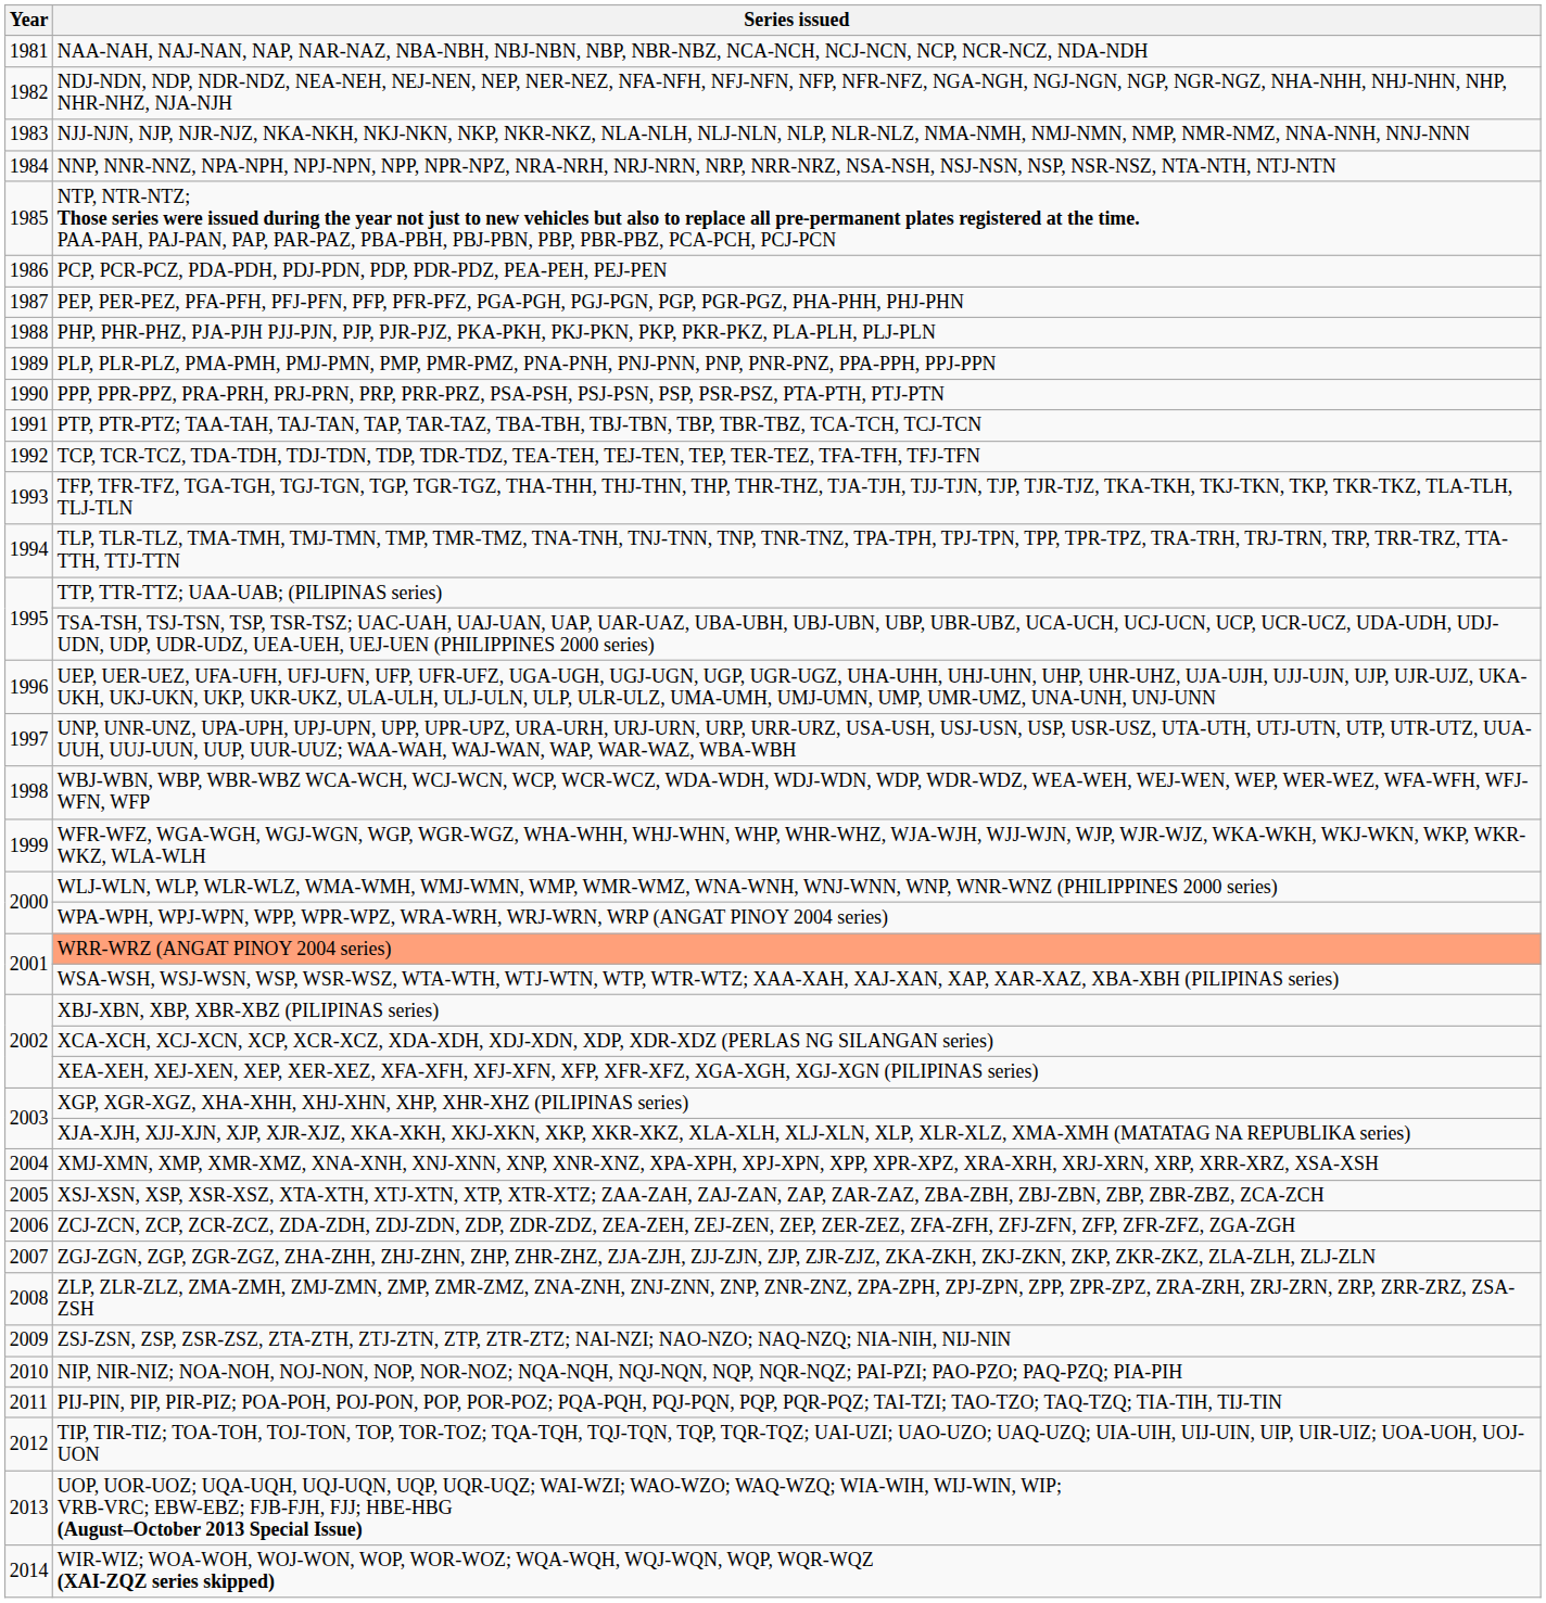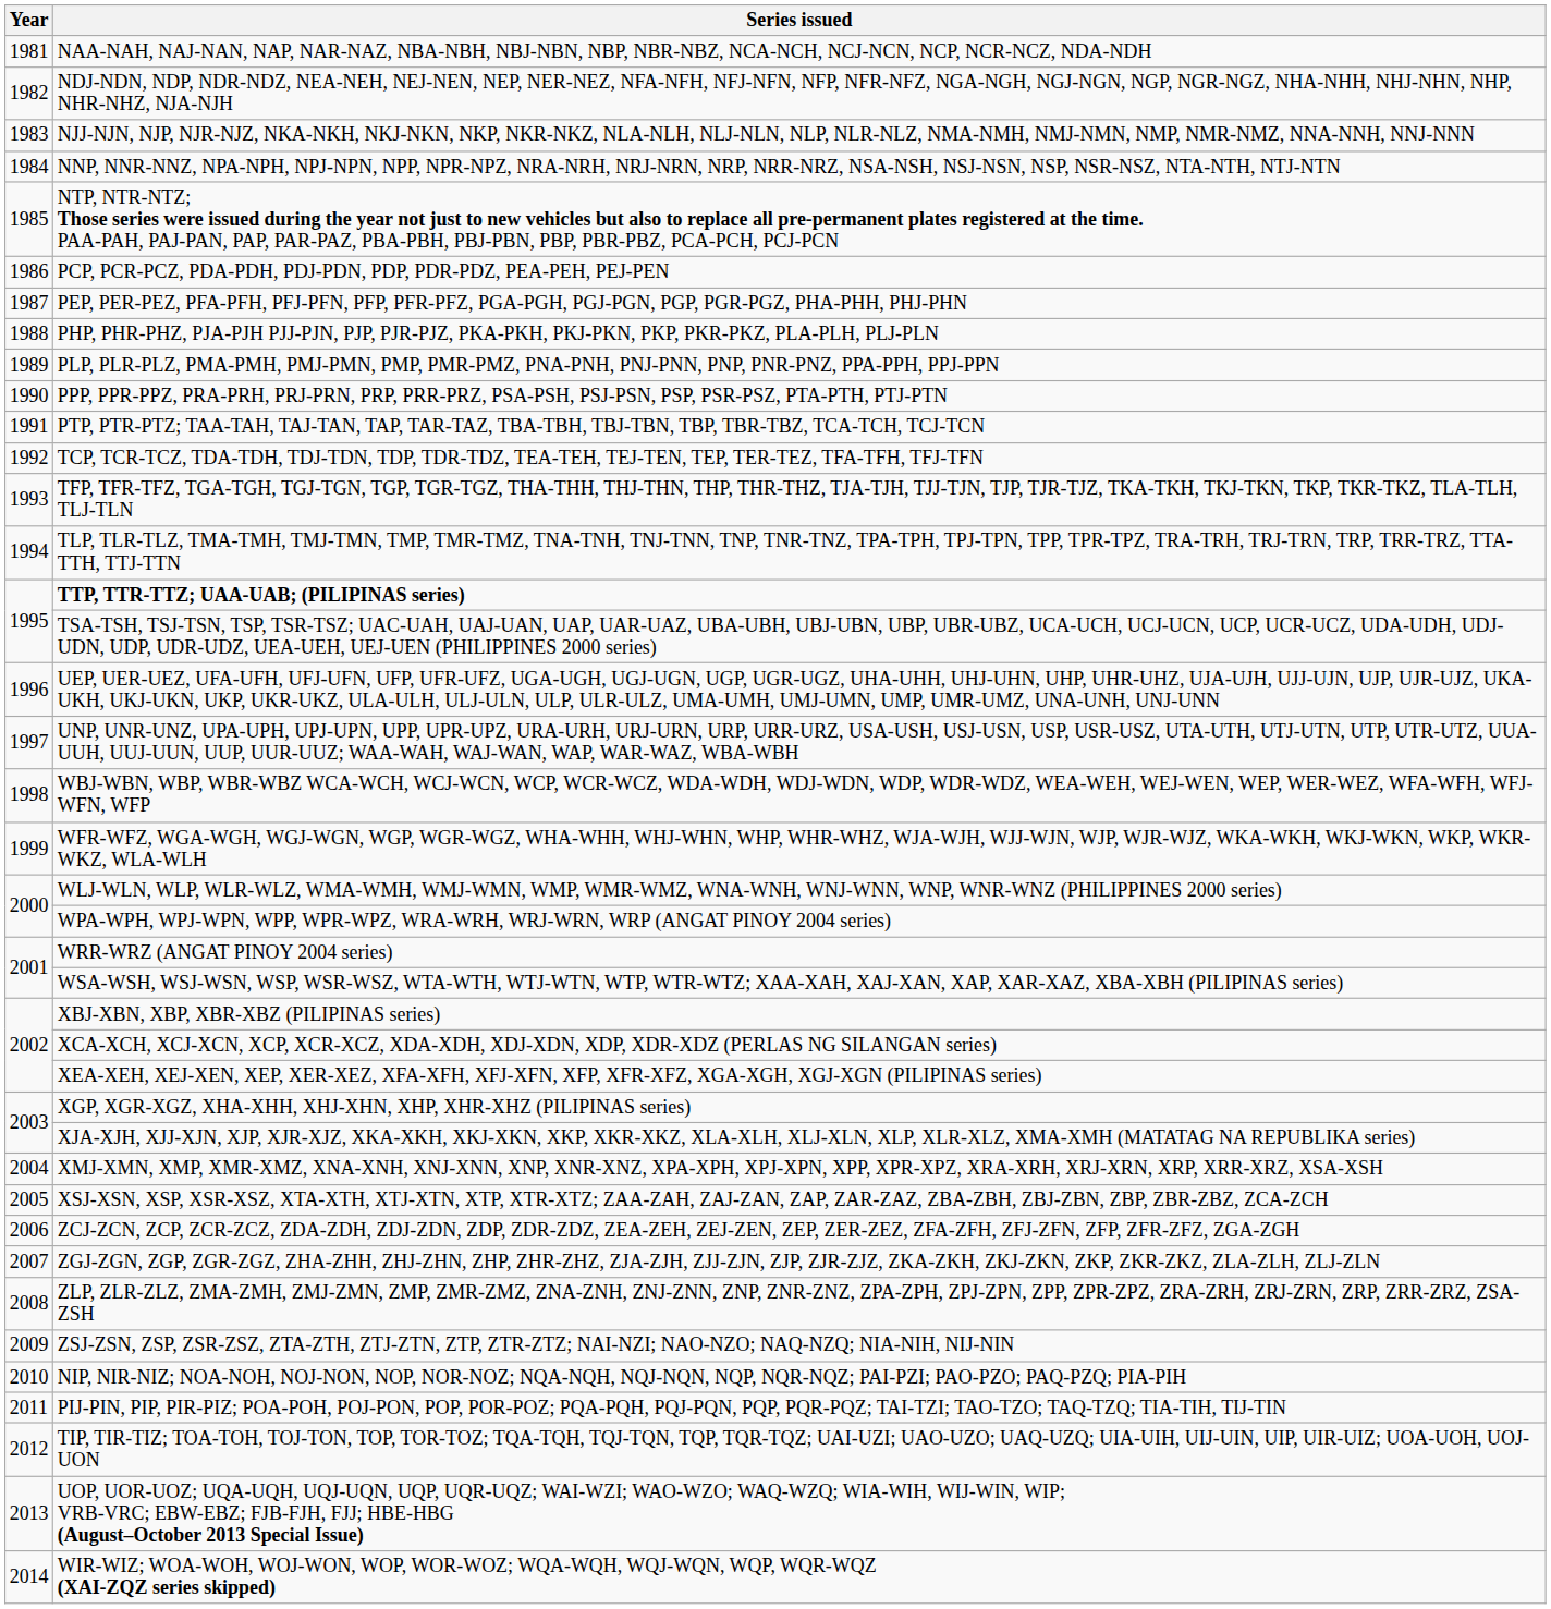 <table class="wikitable" style="width: 100%;">
 <tr>
 <th>Year</th>
 <th>Series issued</th>
 </tr>
 <tr>
 <td>1981</td>
 <td>NAA-NAH, NAJ-NAN, NAP, NAR-NAZ, NBA-NBH, NBJ-NBN, NBP, NBR-NBZ, NCA-NCH, NCJ-NCN, NCP, NCR-NCZ, NDA-NDH</td>
 </tr>
 <tr>
 <td>1982</td>
 <td>NDJ-NDN, NDP, NDR-NDZ, NEA-NEH, NEJ-NEN, NEP, NER-NEZ, NFA-NFH, NFJ-NFN, NFP, NFR-NFZ, NGA-NGH, NGJ-NGN, NGP, NGR-NGZ, NHA-NHH, NHJ-NHN, NHP, NHR-NHZ, NJA-NJH</td>
 </tr>
 <tr>
 <td>1983</td>
 <td>NJJ-NJN, NJP, NJR-NJZ, NKA-NKH, NKJ-NKN, NKP, NKR-NKZ, NLA-NLH, NLJ-NLN, NLP, NLR-NLZ, NMA-NMH, NMJ-NMN, NMP, NMR-NMZ, NNA-NNH, NNJ-NNN</td>
 </tr>
 <tr>
 <td>1984</td>
 <td>NNP, NNR-NNZ, NPA-NPH, NPJ-NPN, NPP, NPR-NPZ, NRA-NRH, NRJ-NRN, NRP, NRR-NRZ, NSA-NSH, NSJ-NSN, NSP, NSR-NSZ, NTA-NTH, NTJ-NTN</td>
 </tr>
 <tr>
 <td>1985</td>
 <td>NTP, NTR-NTZ;<br><strong>Those series were issued during the year not just to new vehicles but also to replace all pre-permanent plates registered at the time.</strong><br>PAA-PAH, PAJ-PAN, PAP, PAR-PAZ, PBA-PBH, PBJ-PBN, PBP, PBR-PBZ, PCA-PCH, PCJ-PCN</td>
 </tr>
 <tr>
 <td>1986</td>
 <td>PCP, PCR-PCZ, PDA-PDH, PDJ-PDN, PDP, PDR-PDZ, PEA-PEH, PEJ-PEN</td>
 </tr>
 <tr>
 <td>1987</td>
 <td>PEP, PER-PEZ, PFA-PFH, PFJ-PFN, PFP, PFR-PFZ, PGA-PGH, PGJ-PGN, PGP, PGR-PGZ, PHA-PHH, PHJ-PHN</td>
 </tr>
 <tr>
 <td>1988</td>
 <td>PHP, PHR-PHZ, PJA-PJH PJJ-PJN, PJP, PJR-PJZ, PKA-PKH, PKJ-PKN, PKP, PKR-PKZ, PLA-PLH, PLJ-PLN</td>
 </tr>
 <tr>
 <td>1989</td>
 <td>PLP, PLR-PLZ, PMA-PMH, PMJ-PMN, PMP, PMR-PMZ, PNA-PNH, PNJ-PNN, PNP, PNR-PNZ, PPA-PPH, PPJ-PPN</td>
 </tr>
 <tr>
 <td>1990</td>
 <td>PPP, PPR-PPZ, PRA-PRH, PRJ-PRN, PRP, PRR-PRZ, PSA-PSH, PSJ-PSN, PSP, PSR-PSZ, PTA-PTH, PTJ-PTN</td>
 </tr>
 <tr>
 <td>1991</td>
 <td>PTP, PTR-PTZ; TAA-TAH, TAJ-TAN, TAP, TAR-TAZ, TBA-TBH, TBJ-TBN, TBP, TBR-TBZ, TCA-TCH, TCJ-TCN</td>
 </tr>
 <tr>
 <td>1992</td>
 <td>TCP, TCR-TCZ, TDA-TDH, TDJ-TDN, TDP, TDR-TDZ, TEA-TEH, TEJ-TEN, TEP, TER-TEZ, TFA-TFH, TFJ-TFN</td>
 </tr>
 <tr>
 <td>1993</td>
 <td>TFP, TFR-TFZ, TGA-TGH, TGJ-TGN, TGP, TGR-TGZ, THA-THH, THJ-THN, THP, THR-THZ, TJA-TJH, TJJ-TJN, TJP, TJR-TJZ, TKA-TKH, TKJ-TKN, TKP, TKR-TKZ, TLA-TLH, TLJ-TLN</td>
 </tr>
 <tr>
 <td>1994</td>
 <td>TLP, TLR-TLZ, TMA-TMH, TMJ-TMN, TMP, TMR-TMZ, TNA-TNH, TNJ-TNN, TNP, TNR-TNZ, TPA-TPH, TPJ-TPN, TPP, TPR-TPZ, TRA-TRH, TRJ-TRN, TRP, TRR-TRZ, TTA-TTH, TTJ-TTN</td>
 </tr>
 <tr>
 <td rowspan="2">1995</td>
-<td>TTP, TTR-TTZ; UAA-UAB; (PILIPINAS series)</td>
+<td><strong>TTP, TTR-TTZ; UAA-UAB; (PILIPINAS series)</strong></td>
 </tr>
 <tr>
 <td>TSA-TSH, TSJ-TSN, TSP, TSR-TSZ; UAC-UAH, UAJ-UAN, UAP, UAR-UAZ, UBA-UBH, UBJ-UBN, UBP, UBR-UBZ, UCA-UCH, UCJ-UCN, UCP, UCR-UCZ, UDA-UDH, UDJ-UDN, UDP, UDR-UDZ, UEA-UEH, UEJ-UEN (PHILIPPINES 2000 series)</td>
 </tr>
 <tr>
 <td>1996</td>
 <td>UEP, UER-UEZ, UFA-UFH, UFJ-UFN, UFP, UFR-UFZ, UGA-UGH, UGJ-UGN, UGP, UGR-UGZ, UHA-UHH, UHJ-UHN, UHP, UHR-UHZ, UJA-UJH, UJJ-UJN, UJP, UJR-UJZ, UKA-UKH, UKJ-UKN, UKP, UKR-UKZ, ULA-ULH, ULJ-ULN, ULP, ULR-ULZ, UMA-UMH, UMJ-UMN, UMP, UMR-UMZ, UNA-UNH, UNJ-UNN</td>
 </tr>
 <tr>
 <td>1997</td>
 <td>UNP, UNR-UNZ, UPA-UPH, UPJ-UPN, UPP, UPR-UPZ, URA-URH, URJ-URN, URP, URR-URZ, USA-USH, USJ-USN, USP, USR-USZ, UTA-UTH, UTJ-UTN, UTP, UTR-UTZ, UUA-UUH, UUJ-UUN, UUP, UUR-UUZ; WAA-WAH, WAJ-WAN, WAP, WAR-WAZ, WBA-WBH</td>
 </tr>
 <tr>
 <td>1998</td>
 <td>WBJ-WBN, WBP, WBR-WBZ WCA-WCH, WCJ-WCN, WCP, WCR-WCZ, WDA-WDH, WDJ-WDN, WDP, WDR-WDZ, WEA-WEH, WEJ-WEN, WEP, WER-WEZ, WFA-WFH, WFJ-WFN, WFP</td>
 </tr>
 <tr>
 <td>1999</td>
 <td>WFR-WFZ, WGA-WGH, WGJ-WGN, WGP, WGR-WGZ, WHA-WHH, WHJ-WHN, WHP, WHR-WHZ, WJA-WJH, WJJ-WJN, WJP, WJR-WJZ, WKA-WKH, WKJ-WKN, WKP, WKR-WKZ, WLA-WLH</td>
 </tr>
 <tr>
 <td rowspan="2">2000</td>
 <td>WLJ-WLN, WLP, WLR-WLZ, WMA-WMH, WMJ-WMN, WMP, WMR-WMZ, WNA-WNH, WNJ-WNN, WNP, WNR-WNZ (PHILIPPINES 2000 series)</td>
 </tr>
 <tr>
 <td>WPA-WPH, WPJ-WPN, WPP, WPR-WPZ, WRA-WRH, WRJ-WRN, WRP (ANGAT PINOY 2004 series)</td>
 </tr>
 <tr>
 <td rowspan="2">2001</td>
-<td style="background: lightsalmon;">WRR-WRZ (ANGAT PINOY 2004 series)</td>
+<td>WRR-WRZ (ANGAT PINOY 2004 series)</td>
 </tr>
 <tr>
 <td>WSA-WSH, WSJ-WSN, WSP, WSR-WSZ, WTA-WTH, WTJ-WTN, WTP, WTR-WTZ; XAA-XAH, XAJ-XAN, XAP, XAR-XAZ, XBA-XBH (PILIPINAS series)</td>
 </tr>
 <tr>
 <td rowspan="3">2002</td>
 <td>XBJ-XBN, XBP, XBR-XBZ (PILIPINAS series)</td>
 </tr>
 <tr>
 <td>XCA-XCH, XCJ-XCN, XCP, XCR-XCZ, XDA-XDH, XDJ-XDN, XDP, XDR-XDZ (PERLAS NG SILANGAN series)</td>
 </tr>
 <tr>
 <td>XEA-XEH, XEJ-XEN, XEP, XER-XEZ, XFA-XFH, XFJ-XFN, XFP, XFR-XFZ, XGA-XGH, XGJ-XGN (PILIPINAS series)</td>
 </tr>
 <tr>
 <td rowspan="2">2003</td>
 <td>XGP, XGR-XGZ, XHA-XHH, XHJ-XHN, XHP, XHR-XHZ (PILIPINAS series)</td>
 </tr>
 <tr>
 <td>XJA-XJH, XJJ-XJN, XJP, XJR-XJZ, XKA-XKH, XKJ-XKN, XKP, XKR-XKZ, XLA-XLH, XLJ-XLN, XLP, XLR-XLZ, XMA-XMH (MATATAG NA REPUBLIKA series)</td>
 </tr>
 <tr>
 <td>2004</td>
 <td>XMJ-XMN, XMP, XMR-XMZ, XNA-XNH, XNJ-XNN, XNP, XNR-XNZ, XPA-XPH, XPJ-XPN, XPP, XPR-XPZ, XRA-XRH, XRJ-XRN, XRP, XRR-XRZ, XSA-XSH</td>
 </tr>
 <tr>
 <td>2005</td>
 <td>XSJ-XSN, XSP, XSR-XSZ, XTA-XTH, XTJ-XTN, XTP, XTR-XTZ; ZAA-ZAH, ZAJ-ZAN, ZAP, ZAR-ZAZ, ZBA-ZBH, ZBJ-ZBN, ZBP, ZBR-ZBZ, ZCA-ZCH</td>
 </tr>
 <tr>
 <td>2006</td>
 <td>ZCJ-ZCN, ZCP, ZCR-ZCZ, ZDA-ZDH, ZDJ-ZDN, ZDP, ZDR-ZDZ, ZEA-ZEH, ZEJ-ZEN, ZEP, ZER-ZEZ, ZFA-ZFH, ZFJ-ZFN, ZFP, ZFR-ZFZ, ZGA-ZGH</td>
 </tr>
 <tr>
 <td>2007</td>
 <td>ZGJ-ZGN, ZGP, ZGR-ZGZ, ZHA-ZHH, ZHJ-ZHN, ZHP, ZHR-ZHZ, ZJA-ZJH, ZJJ-ZJN, ZJP, ZJR-ZJZ, ZKA-ZKH, ZKJ-ZKN, ZKP, ZKR-ZKZ, ZLA-ZLH, ZLJ-ZLN</td>
 </tr>
 <tr>
 <td>2008</td>
 <td>ZLP, ZLR-ZLZ, ZMA-ZMH, ZMJ-ZMN, ZMP, ZMR-ZMZ, ZNA-ZNH, ZNJ-ZNN, ZNP, ZNR-ZNZ, ZPA-ZPH, ZPJ-ZPN, ZPP, ZPR-ZPZ, ZRA-ZRH, ZRJ-ZRN, ZRP, ZRR-ZRZ, ZSA-ZSH</td>
 </tr>
 <tr>
 <td>2009</td>
 <td>ZSJ-ZSN, ZSP, ZSR-ZSZ, ZTA-ZTH, ZTJ-ZTN, ZTP, ZTR-ZTZ; NAI-NZI; NAO-NZO; NAQ-NZQ; NIA-NIH, NIJ-NIN</td>
 </tr>
 <tr>
 <td>2010</td>
 <td>NIP, NIR-NIZ; NOA-NOH, NOJ-NON, NOP, NOR-NOZ; NQA-NQH, NQJ-NQN, NQP, NQR-NQZ; PAI-PZI; PAO-PZO; PAQ-PZQ; PIA-PIH</td>
 </tr>
 <tr>
 <td>2011</td>
 <td>PIJ-PIN, PIP, PIR-PIZ; POA-POH, POJ-PON, POP, POR-POZ; PQA-PQH, PQJ-PQN, PQP, PQR-PQZ; TAI-TZI; TAO-TZO; TAQ-TZQ; TIA-TIH, TIJ-TIN</td>
 </tr>
 <tr>
 <td>2012</td>
 <td>TIP, TIR-TIZ; TOA-TOH, TOJ-TON, TOP, TOR-TOZ; TQA-TQH, TQJ-TQN, TQP, TQR-TQZ; UAI-UZI; UAO-UZO; UAQ-UZQ; UIA-UIH, UIJ-UIN, UIP, UIR-UIZ; UOA-UOH, UOJ-UON</td>
 </tr>
 <tr>
 <td>2013</td>
 <td>UOP, UOR-UOZ; UQA-UQH, UQJ-UQN, UQP, UQR-UQZ; WAI-WZI; WAO-WZO; WAQ-WZQ; WIA-WIH, WIJ-WIN, WIP;<br>VRB-VRC; EBW-EBZ; FJB-FJH, FJJ; HBE-HBG<br><strong>(August–October 2013 Special Issue)</strong></td>
 </tr>
 <tr>
 <td>2014</td>
 <td>WIR-WIZ; WOA-WOH, WOJ-WON, WOP, WOR-WOZ; WQA-WQH, WQJ-WQN, WQP, WQR-WQZ<br><strong>(XAI-ZQZ series skipped)</strong></td>
 </tr>
 </table>
